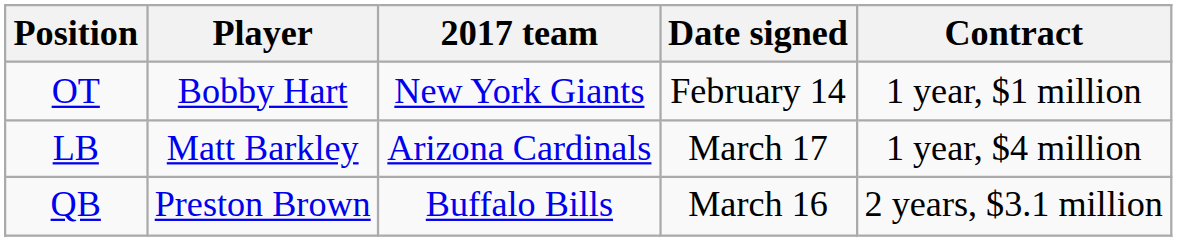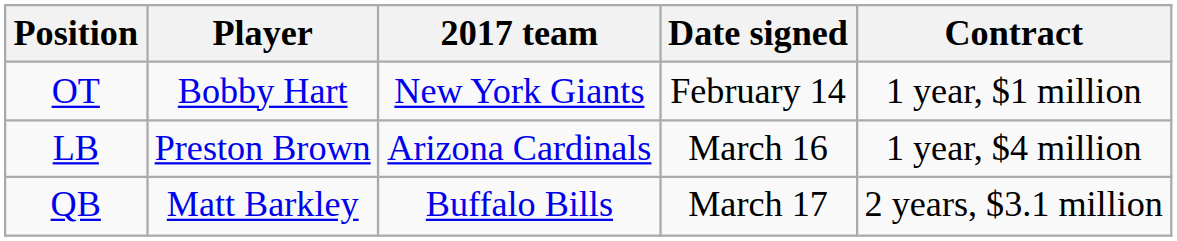 <table class="wikitable" style="text-align:center">
 <tr>
 <th>Position</th>
 <th>Player</th>
 <th>2017 team</th>
 <th>Date signed</th>
 <th>Contract</th>
 </tr>
 <tr>
 <td><a href='#'>OT</a></td>
 <td><a href='#'>Bobby Hart</a></td>
 <td><a href='#'>New York Giants</a></td>
 <td>February 14</td>
 <td>1 year, $1 million</td>
 </tr>
 <tr>
 <td><a href='#'>LB</a></td>
-<td><a href='#'>Matt Barkley</a></td>
+<td><a href='#'>Preston Brown</a></td>
 <td><a href='#'>Arizona Cardinals</a></td>
-<td>March 17</td>
+<td>March 16</td>
 <td>1 year, $4 million</td>
 </tr>
 <tr>
 <td><a href='#'>QB</a></td>
-<td><a href='#'>Preston Brown</a></td>
+<td><a href='#'>Matt Barkley</a></td>
 <td><a href='#'>Buffalo Bills</a></td>
-<td>March 16</td>
+<td>March 17</td>
 <td>2 years, $3.1 million</td>
 </tr>
 </table>
